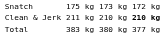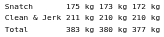 <table>
 <tr>
 <td>Snatch</td>
 <td></td>
 <td>175 kg</td>
 <td></td>
 <td>173 kg</td>
 <td></td>
 <td>172 kg</td>
 </tr>
 <tr>
 <td>Clean & Jerk</td>
 <td></td>
 <td>211 kg</td>
 <td></td>
 <td>210 kg</td>
 <td></td>
-<td><strong>210 kg</strong></td>
+<td>210 kg</td>
 </tr>
 <tr>
 <td>Total</td>
 <td></td>
 <td>383 kg</td>
 <td></td>
 <td>380 kg</td>
 <td></td>
 <td>377 kg</td>
 </tr>
 </table>
